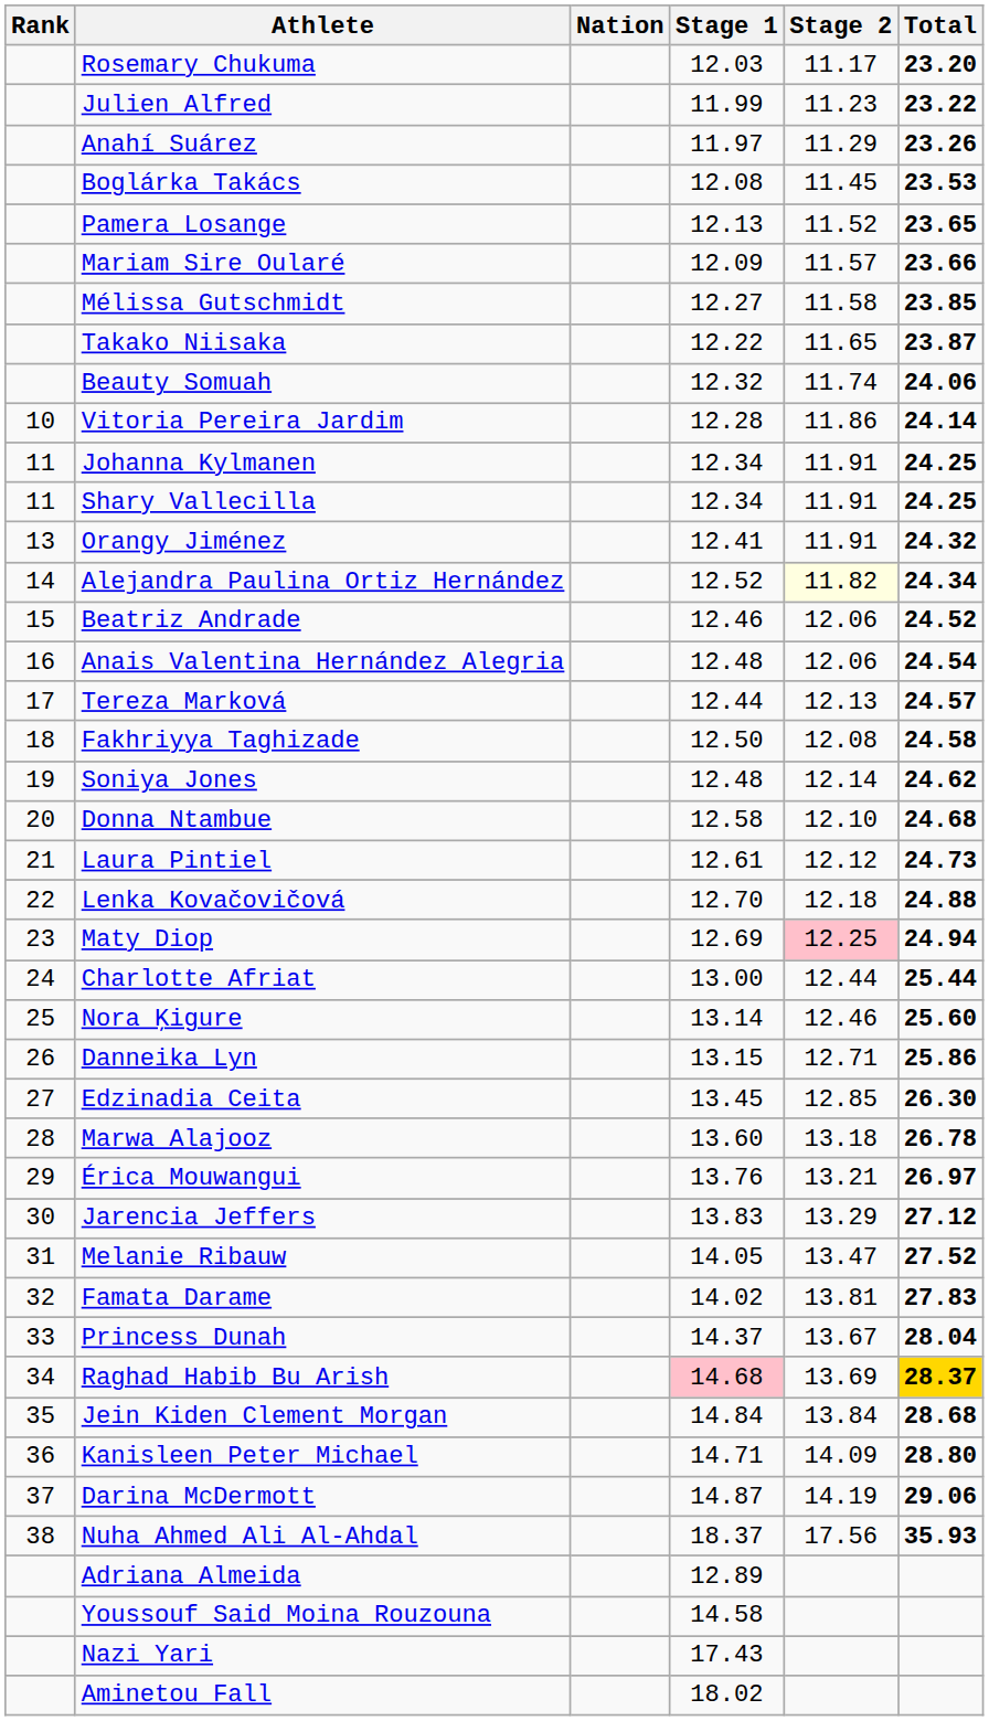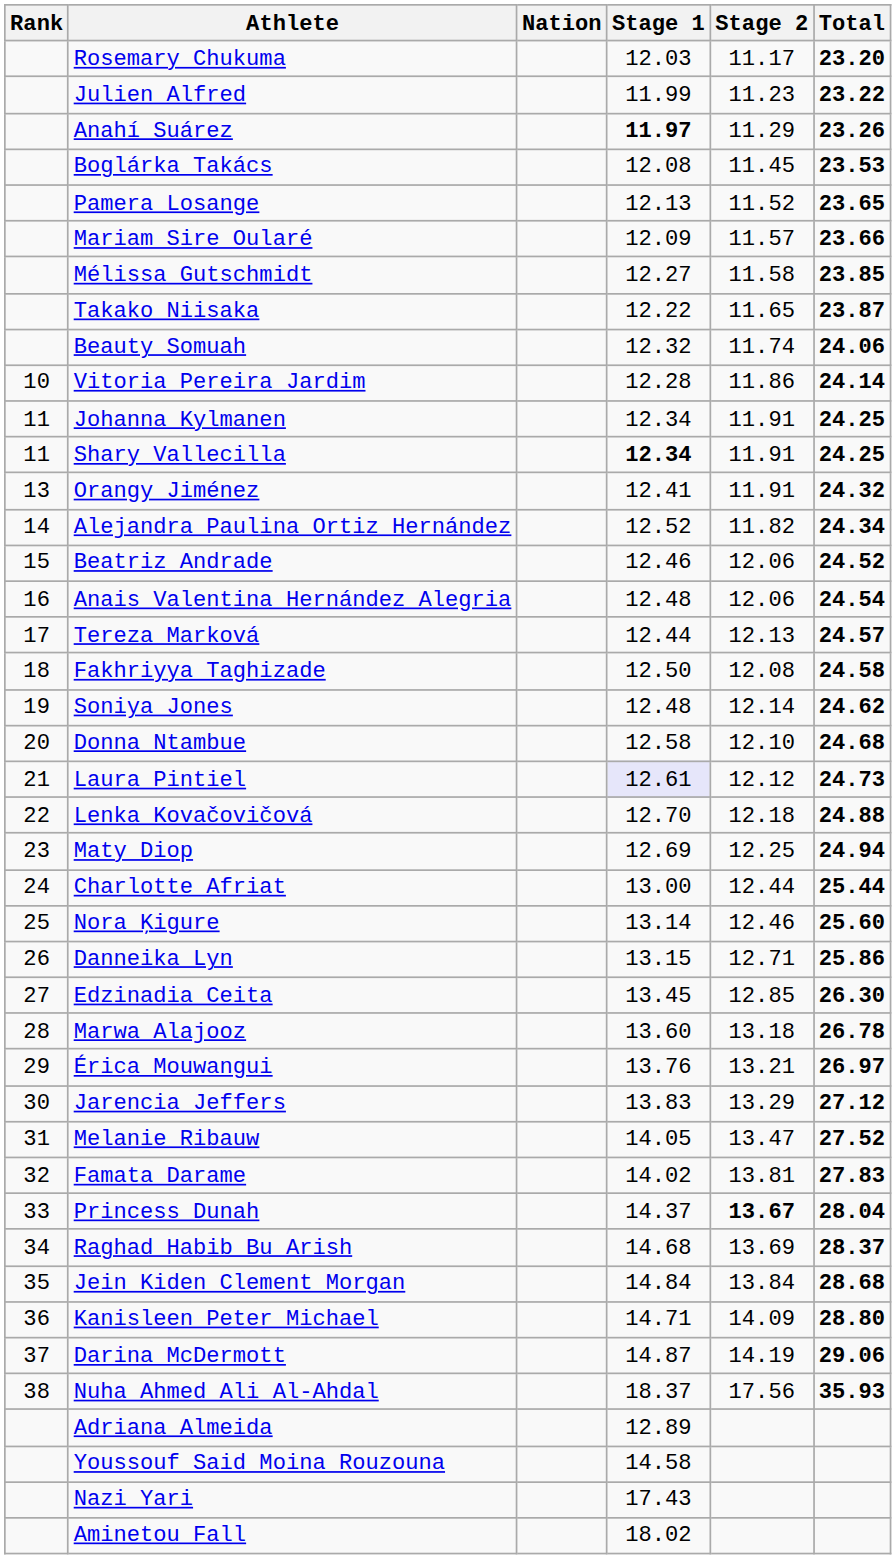 <table class="wikitable sortable" style="text-align:center">
 <tr>
 <th>Rank</th>
 <th>Athlete</th>
 <th>Nation</th>
 <th>Stage 1</th>
 <th>Stage 2</th>
 <th>Total</th>
 </tr>
 <tr>
 <td></td>
 <td align=left><a href='#'>Rosemary Chukuma</a></td>
 <td align=left></td>
 <td>12.03</td>
 <td>11.17</td>
 <td><strong>23.20</strong></td>
 </tr>
 <tr>
 <td></td>
 <td align=left><a href='#'>Julien Alfred</a></td>
 <td align=left></td>
 <td>11.99</td>
 <td>11.23</td>
 <td><strong>23.22</strong></td>
 </tr>
 <tr>
 <td></td>
 <td align=left><a href='#'>Anahí Suárez</a></td>
 <td align=left></td>
-<td>11.97</td>
+<td><strong>11.97</strong></td>
 <td>11.29</td>
 <td><strong>23.26</strong></td>
 </tr>
 <tr>
 <td></td>
 <td align=left><a href='#'>Boglárka Takács</a></td>
 <td align=left></td>
 <td>12.08</td>
 <td>11.45</td>
 <td><strong>23.53</strong></td>
 </tr>
 <tr>
 <td></td>
 <td align=left><a href='#'>Pamera Losange</a></td>
 <td align=left></td>
 <td>12.13</td>
 <td>11.52</td>
 <td><strong>23.65</strong></td>
 </tr>
 <tr>
 <td></td>
 <td align=left><a href='#'>Mariam Sire Oularé</a></td>
 <td align=left></td>
 <td>12.09</td>
 <td>11.57</td>
 <td><strong>23.66</strong></td>
 </tr>
 <tr>
 <td></td>
 <td align=left><a href='#'>Mélissa Gutschmidt</a></td>
 <td align=left></td>
 <td>12.27</td>
 <td>11.58</td>
 <td><strong>23.85</strong></td>
 </tr>
 <tr>
 <td></td>
 <td align=left><a href='#'>Takako Niisaka</a></td>
 <td align=left></td>
 <td>12.22</td>
 <td>11.65</td>
 <td><strong>23.87</strong></td>
 </tr>
 <tr>
 <td></td>
 <td align=left><a href='#'>Beauty Somuah</a></td>
 <td align=left></td>
 <td>12.32</td>
 <td>11.74</td>
 <td><strong>24.06</strong></td>
 </tr>
 <tr>
 <td>10</td>
 <td align=left><a href='#'>Vitoria Pereira Jardim</a></td>
 <td align=left></td>
 <td>12.28</td>
 <td>11.86</td>
 <td><strong>24.14</strong></td>
 </tr>
 <tr>
 <td>11</td>
 <td align=left><a href='#'>Johanna Kylmanen</a></td>
 <td align=left></td>
 <td>12.34</td>
 <td>11.91</td>
 <td><strong>24.25</strong></td>
 </tr>
 <tr>
 <td>11</td>
 <td align=left><a href='#'>Shary Vallecilla</a></td>
 <td align=left></td>
-<td>12.34</td>
+<td><strong>12.34</strong></td>
 <td>11.91</td>
 <td><strong>24.25</strong></td>
 </tr>
 <tr>
 <td>13</td>
 <td align=left><a href='#'>Orangy Jiménez</a></td>
 <td align=left></td>
 <td>12.41</td>
 <td>11.91</td>
 <td><strong>24.32</strong></td>
 </tr>
 <tr>
 <td>14</td>
 <td align=left><a href='#'>Alejandra Paulina Ortiz Hernández</a></td>
 <td align=left></td>
 <td>12.52</td>
-<td style="background: lightyellow;">11.82</td>
+<td>11.82</td>
 <td><strong>24.34</strong></td>
 </tr>
 <tr>
 <td>15</td>
 <td align=left><a href='#'>Beatriz Andrade</a></td>
 <td align=left></td>
 <td>12.46</td>
 <td>12.06</td>
 <td><strong>24.52</strong></td>
 </tr>
 <tr>
 <td>16</td>
 <td align=left><a href='#'>Anais Valentina Hernández Alegria</a></td>
 <td align=left></td>
 <td>12.48</td>
 <td>12.06</td>
 <td><strong>24.54</strong></td>
 </tr>
 <tr>
 <td>17</td>
 <td align=left><a href='#'>Tereza Marková</a></td>
 <td align=left></td>
 <td>12.44</td>
 <td>12.13</td>
 <td><strong>24.57</strong></td>
 </tr>
 <tr>
 <td>18</td>
 <td align=left><a href='#'>Fakhriyya Taghizade</a></td>
 <td align=left></td>
 <td>12.50</td>
 <td>12.08</td>
 <td><strong>24.58</strong></td>
 </tr>
 <tr>
 <td>19</td>
 <td align=left><a href='#'>Soniya Jones</a></td>
 <td align=left></td>
 <td>12.48</td>
 <td>12.14</td>
 <td><strong>24.62</strong></td>
 </tr>
 <tr>
 <td>20</td>
 <td align=left><a href='#'>Donna Ntambue</a></td>
 <td align=left></td>
 <td>12.58</td>
 <td>12.10</td>
 <td><strong>24.68</strong></td>
 </tr>
 <tr>
 <td>21</td>
 <td align=left><a href='#'>Laura Pintiel</a></td>
 <td align=left></td>
-<td>12.61</td>
+<td style="background: lavender;">12.61</td>
 <td>12.12</td>
 <td><strong>24.73</strong></td>
 </tr>
 <tr>
 <td>22</td>
 <td align=left><a href='#'>Lenka Kovačovičová</a></td>
 <td align=left></td>
 <td>12.70</td>
 <td>12.18</td>
 <td><strong>24.88</strong></td>
 </tr>
 <tr>
 <td>23</td>
 <td align=left><a href='#'>Maty Diop</a></td>
 <td align=left></td>
 <td>12.69</td>
-<td style="background: pink;">12.25</td>
+<td>12.25</td>
 <td><strong>24.94</strong></td>
 </tr>
 <tr>
 <td>24</td>
 <td align=left><a href='#'>Charlotte Afriat</a></td>
 <td align=left></td>
 <td>13.00</td>
 <td>12.44</td>
 <td><strong>25.44</strong></td>
 </tr>
 <tr>
 <td>25</td>
 <td align=left><a href='#'>Nora Ķigure</a></td>
 <td align=left></td>
 <td>13.14</td>
 <td>12.46</td>
 <td><strong>25.60</strong></td>
 </tr>
 <tr>
 <td>26</td>
 <td align=left><a href='#'>Danneika Lyn</a></td>
 <td align=left></td>
 <td>13.15</td>
 <td>12.71</td>
 <td><strong>25.86</strong></td>
 </tr>
 <tr>
 <td>27</td>
 <td align=left><a href='#'>Edzinadia Ceita</a></td>
 <td align=left></td>
 <td>13.45</td>
 <td>12.85</td>
 <td><strong>26.30</strong></td>
 </tr>
 <tr>
 <td>28</td>
 <td align=left><a href='#'>Marwa Alajooz</a></td>
 <td align=left></td>
 <td>13.60</td>
 <td>13.18</td>
 <td><strong>26.78</strong></td>
 </tr>
 <tr>
 <td>29</td>
 <td align=left><a href='#'>Érica Mouwangui</a></td>
 <td align=left></td>
 <td>13.76</td>
 <td>13.21</td>
 <td><strong>26.97</strong></td>
 </tr>
 <tr>
 <td>30</td>
 <td align=left><a href='#'>Jarencia Jeffers</a></td>
 <td align=left></td>
 <td>13.83</td>
 <td>13.29</td>
 <td><strong>27.12</strong></td>
 </tr>
 <tr>
 <td>31</td>
 <td align=left><a href='#'>Melanie Ribauw</a></td>
 <td align=left></td>
 <td>14.05</td>
 <td>13.47</td>
 <td><strong>27.52</strong></td>
 </tr>
 <tr>
 <td>32</td>
 <td align=left><a href='#'>Famata Darame</a></td>
 <td align=left></td>
 <td>14.02</td>
 <td>13.81</td>
 <td><strong>27.83</strong></td>
 </tr>
 <tr>
 <td>33</td>
 <td align=left><a href='#'>Princess Dunah</a></td>
 <td align=left></td>
 <td>14.37</td>
-<td>13.67</td>
+<td><strong>13.67</strong></td>
 <td><strong>28.04</strong></td>
 </tr>
 <tr>
 <td>34</td>
 <td align=left><a href='#'>Raghad Habib Bu Arish</a></td>
 <td align=left></td>
-<td style="background: pink;">14.68</td>
+<td>14.68</td>
 <td>13.69</td>
-<td style="background: gold;"><strong>28.37</strong></td>
+<td><strong>28.37</strong></td>
 </tr>
 <tr>
 <td>35</td>
 <td align=left><a href='#'>Jein Kiden Clement Morgan</a></td>
 <td align=left></td>
 <td>14.84</td>
 <td>13.84</td>
 <td><strong>28.68</strong></td>
 </tr>
 <tr>
 <td>36</td>
 <td align=left><a href='#'>Kanisleen Peter Michael</a></td>
 <td align=left></td>
 <td>14.71</td>
 <td>14.09</td>
 <td><strong>28.80</strong></td>
 </tr>
 <tr>
 <td>37</td>
 <td align=left><a href='#'>Darina McDermott</a></td>
 <td align=left></td>
 <td>14.87</td>
 <td>14.19</td>
 <td><strong>29.06</strong></td>
 </tr>
 <tr>
 <td>38</td>
 <td align=left><a href='#'>Nuha Ahmed Ali Al-Ahdal</a></td>
 <td align=left></td>
 <td>18.37</td>
 <td>17.56</td>
 <td><strong>35.93</strong></td>
 </tr>
 <tr>
 <td></td>
 <td align=left><a href='#'>Adriana Almeida</a></td>
 <td align=left></td>
 <td>12.89</td>
 <td></td>
 <td></td>
 </tr>
 <tr>
 <td></td>
 <td align=left><a href='#'>Youssouf Said Moina Rouzouna</a></td>
 <td align=left></td>
 <td>14.58</td>
 <td></td>
 <td></td>
 </tr>
 <tr>
 <td></td>
 <td align=left><a href='#'>Nazi Yari</a></td>
 <td align=left></td>
 <td>17.43</td>
 <td></td>
 <td></td>
 </tr>
 <tr>
 <td></td>
 <td align=left><a href='#'>Aminetou Fall</a></td>
 <td align=left></td>
 <td>18.02</td>
 <td></td>
 <td></td>
 </tr>
 </table>
